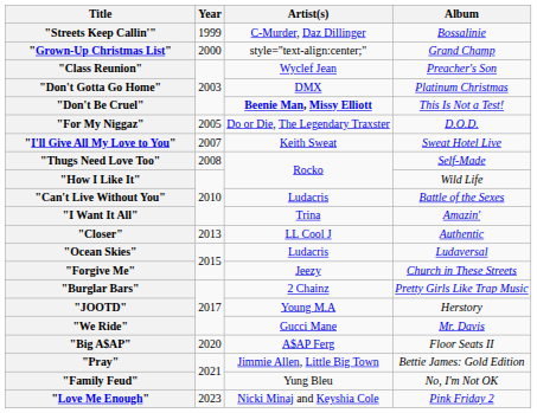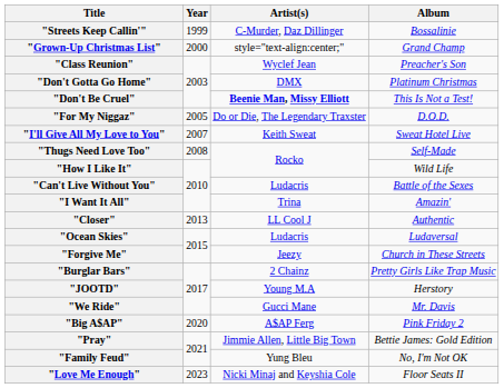 <table class="wikitable plainrowheaders" style="text-align:center;">
 <tr>
 <th scope="col" style="width:16em;">Title</th>
 <th scope="col">Year</th>
 <th scope="col">Artist(s)</th>
 <th scope="col">Album</th>
 </tr>
 <tr>
 <th scope="row">"Streets Keep Callin'"</th>
 <td>1999</td>
 <td style="text-align:center;"><a href='#'>C-Murder</a>, <a href='#'>Daz Dillinger</a></td>
 <td><em><a href='#'>Bossalinie</a></em></td>
 </tr>
 <tr>
 <th scope="row">"<a href='#'>Grown-Up Christmas List</a>"</th>
 <td>2000</td>
 <td>style="text-align:center;" </td>
 <td><em><a href='#'>Grand Champ</a></em></td>
 </tr>
 <tr>
 <th scope="row">"Class Reunion"</th>
 <td rowspan="3">2003</td>
 <td style="text-align:center;"><a href='#'>Wyclef Jean</a></td>
 <td><em><a href='#'>Preacher's Son</a></em></td>
 </tr>
 <tr>
 <th scope="row">"Don't Gotta Go Home"</th>
 <td style="text-align:center;"><a href='#'>DMX</a></td>
 <td><em><a href='#'>Platinum Christmas</a></em></td>
 </tr>
 <tr>
 <th scope="row">"Don't Be Cruel"</th>
 <td style="text-align:center;"><strong><a href='#'>Beenie Man</a>, <a href='#'>Missy Elliott</a></strong></td>
 <td><em><a href='#'>This Is Not a Test!</a></em></td>
 </tr>
 <tr>
 <th scope="row">"For My Niggaz"</th>
 <td>2005</td>
 <td style="text-align:center;"><a href='#'>Do or Die</a>, <a href='#'>The Legendary Traxster</a></td>
 <td><em><a href='#'>D.O.D.</a></em></td>
 </tr>
 <tr>
 <th scope="row">"<a href='#'>I'll Give All My Love to You</a>"</th>
 <td>2007</td>
 <td style="text-align:center;"><a href='#'>Keith Sweat</a></td>
 <td><em><a href='#'>Sweat Hotel Live</a></em></td>
 </tr>
 <tr>
 <th scope="row">"Thugs Need Love Too"</th>
 <td>2008</td>
 <td style="text-align:center;" rowspan="2"><a href='#'>Rocko</a></td>
 <td><em><a href='#'>Self-Made</a></em></td>
 </tr>
 <tr>
 <th scope="row">"How I Like It"</th>
 <td rowspan="3">2010</td>
 <td><em>Wild Life</em></td>
 </tr>
 <tr>
 <th scope="row">"Can't Live Without You"</th>
 <td style="text-align:center;"><a href='#'>Ludacris</a></td>
 <td><em><a href='#'>Battle of the Sexes</a></em></td>
 </tr>
 <tr>
 <th scope="row">"I Want It All"</th>
 <td style="text-align:center;"><a href='#'>Trina</a></td>
 <td><em><a href='#'>Amazin'</a></em></td>
 </tr>
 <tr>
 <th scope="row">"Closer"</th>
 <td rowspan="1">2013</td>
 <td style="text-align:center;"><a href='#'>LL Cool J</a></td>
 <td><em><a href='#'>Authentic</a></em></td>
 </tr>
 <tr>
 <th scope="row">"Ocean Skies"</th>
 <td rowspan="2">2015</td>
 <td style="text-align:center;"><a href='#'>Ludacris</a></td>
 <td><em><a href='#'>Ludaversal</a></em></td>
 </tr>
 <tr>
 <th scope="row">"Forgive Me"</th>
 <td style="text-align:center;"><a href='#'>Jeezy</a></td>
 <td><em><a href='#'>Church in These Streets</a></em></td>
 </tr>
 <tr>
 <th scope="row">"Burglar Bars"</th>
 <td rowspan="3">2017</td>
 <td style="text-align:center;"><a href='#'>2 Chainz</a></td>
 <td><em><a href='#'>Pretty Girls Like Trap Music</a></em></td>
 </tr>
 <tr>
 <th scope="row">"JOOTD"</th>
 <td><a href='#'>Young M.A</a></td>
 <td><em>Herstory</em></td>
 </tr>
 <tr>
 <th scope="row">"We Ride"</th>
 <td style="text-align:center;"><a href='#'>Gucci Mane</a></td>
 <td><em><a href='#'>Mr. Davis</a></em></td>
 </tr>
 <tr>
 <th scope="row">"Big A$AP"</th>
 <td>2020</td>
 <td style="text-align:center;"><a href='#'>A$AP Ferg</a></td>
-<td><em>Floor Seats II</em></td>
+<td style="text-align:center;"><em><a href='#'>Pink Friday 2</a></em></td>
 </tr>
 <tr>
 <th scope="row">"Pray"</th>
 <td rowspan="2">2021</td>
 <td style="text-align:center;"><a href='#'>Jimmie Allen</a>, <a href='#'>Little Big Town</a></td>
 <td style="text-align:center;"><em>Bettie James: Gold Edition</em></td>
 </tr>
 <tr>
 <th scope="row">"Family Feud"</th>
 <td>Yung Bleu</td>
 <td><em>No, I'm Not OK</em></td>
 </tr>
 <tr>
 <th scope="row">"<a href='#'>Love Me Enough</a>"</th>
 <td>2023</td>
 <td style="text-align:center;"><a href='#'>Nicki Minaj</a> and <a href='#'>Keyshia Cole</a></td>
-<td style="text-align:center;"><em><a href='#'>Pink Friday 2</a></em></td>
+<td><em>Floor Seats II</em></td>
 </tr>
 </table>
